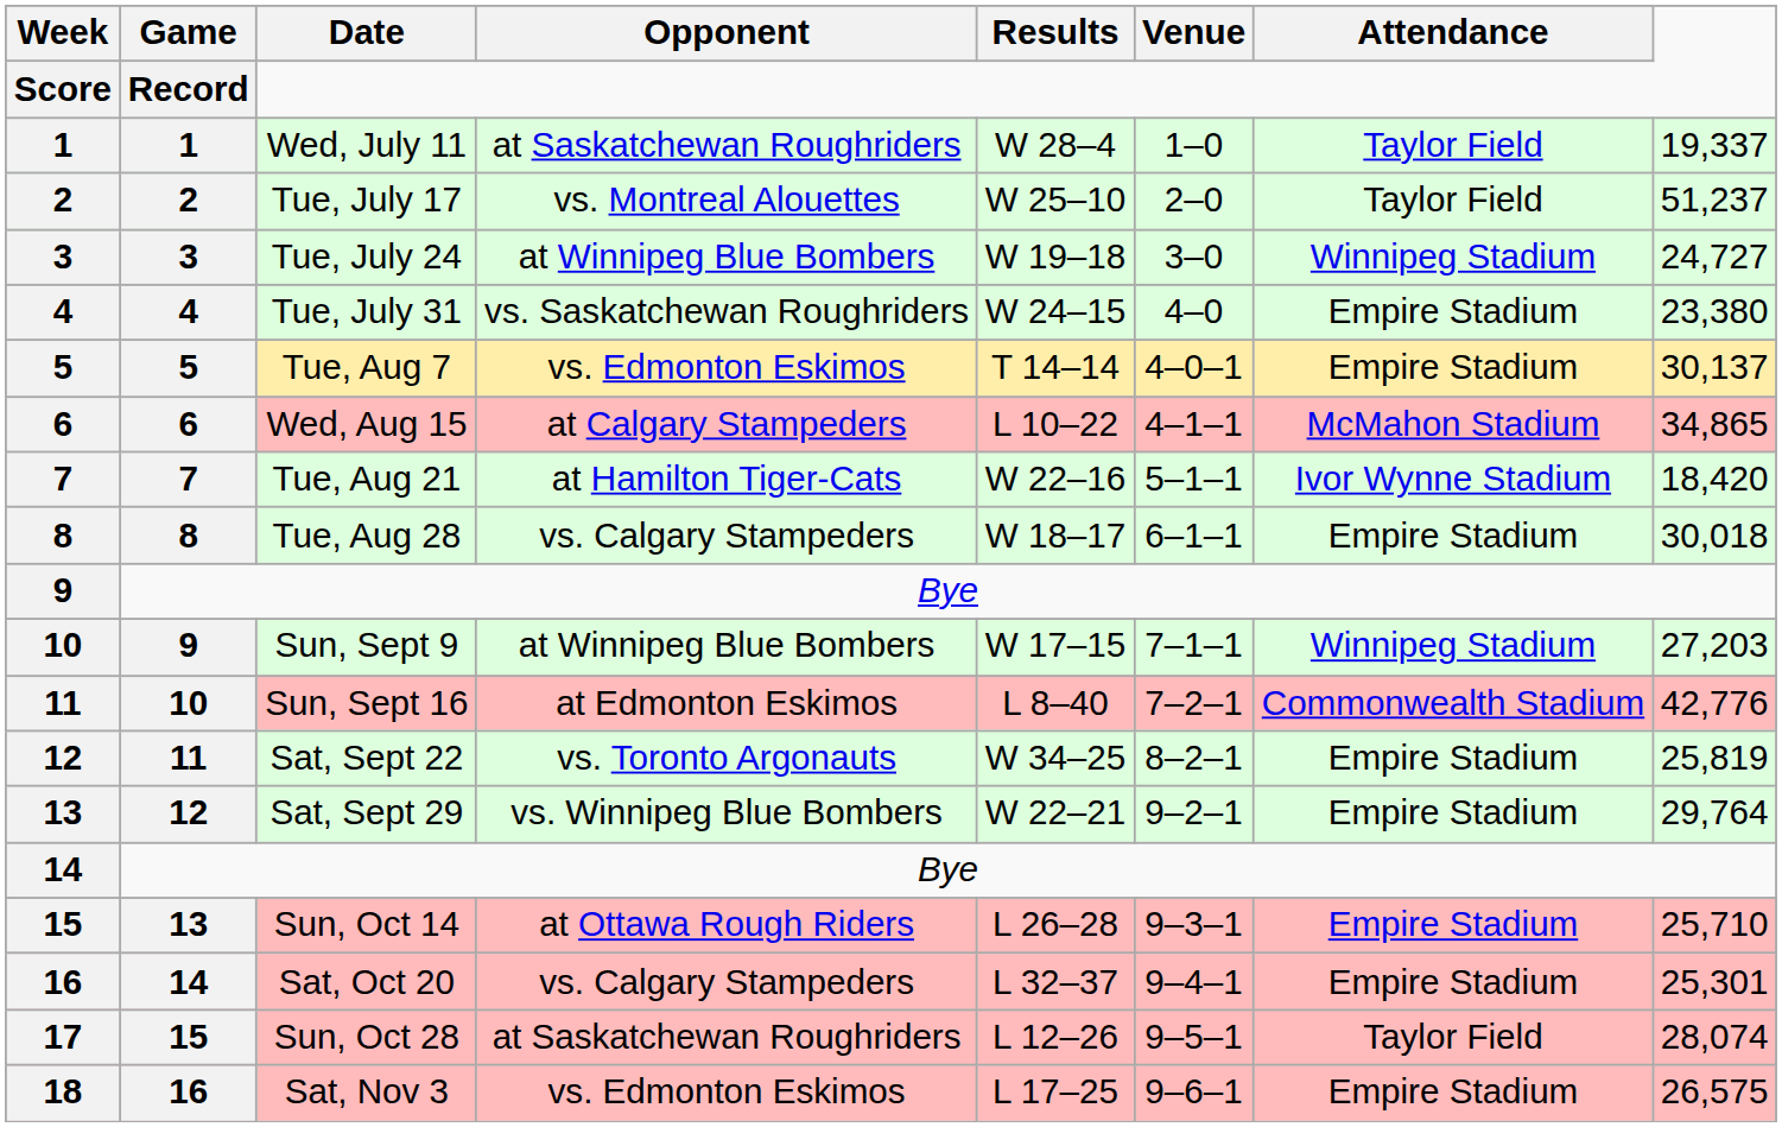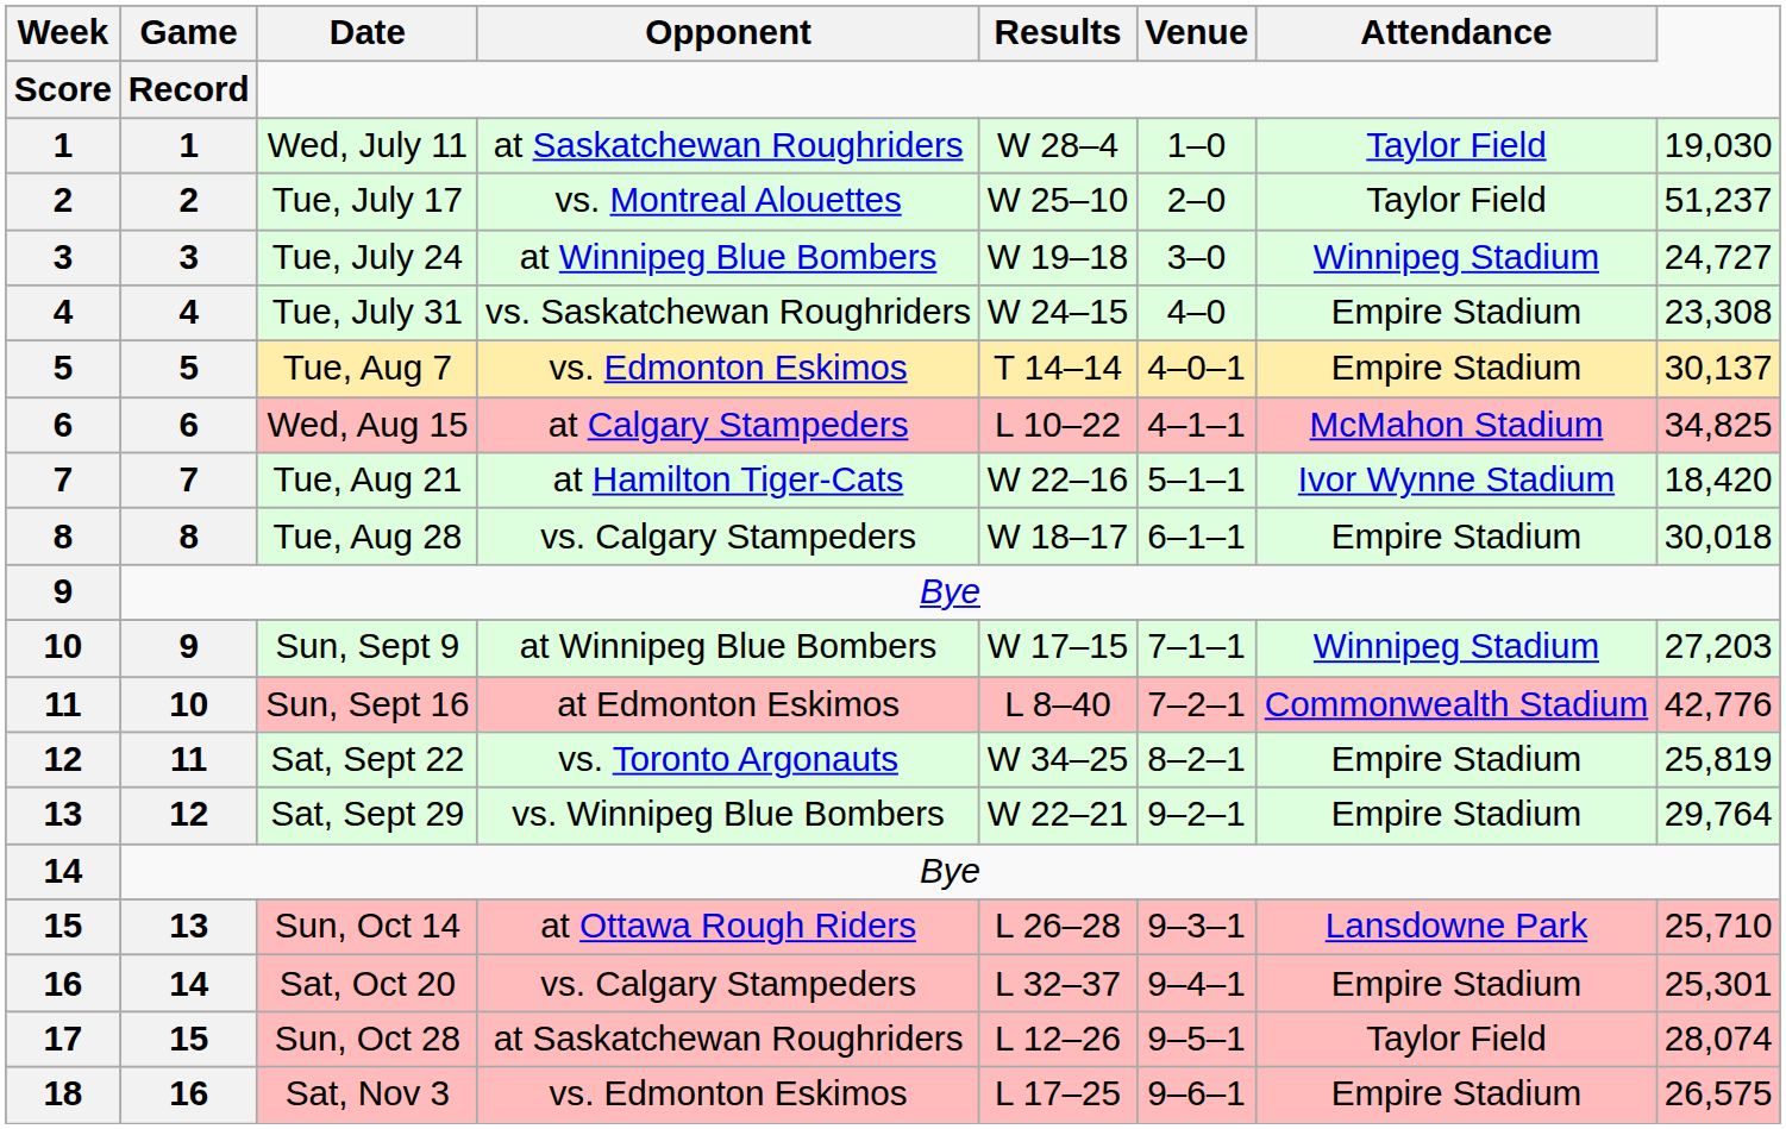 <table class="wikitable" style="text-align:center">
 <tr>
 <th>Week</th>
 <th>Game</th>
 <th>Date</th>
 <th>Opponent</th>
 <th>Results</th>
 <th>Venue</th>
 <th>Attendance</th>
 </tr>
 <tr>
 <th>Score</th>
 <th>Record</th>
 </tr>
 <tr style="background:#ddffdd">
 <th>1</th>
 <th>1</th>
 <td>Wed, July 11</td>
 <td>at <a href='#'>Saskatchewan Roughriders</a></td>
 <td>W 28–4</td>
 <td>1–0</td>
 <td><a href='#'>Taylor Field</a></td>
-<td>19,337</td>
+<td>19,030</td>
 </tr>
 <tr style="background:#ddffdd">
 <th>2</th>
 <th>2</th>
 <td>Tue, July 17</td>
 <td>vs. <a href='#'>Montreal Alouettes</a></td>
 <td>W 25–10</td>
 <td>2–0</td>
 <td>Taylor Field</td>
 <td>51,237</td>
 </tr>
 <tr style="background:#ddffdd">
 <th>3</th>
 <th>3</th>
 <td>Tue, July 24</td>
 <td>at <a href='#'>Winnipeg Blue Bombers</a></td>
 <td>W 19–18</td>
 <td>3–0</td>
 <td><a href='#'>Winnipeg Stadium</a></td>
 <td>24,727</td>
 </tr>
 <tr style="background:#ddffdd">
 <th>4</th>
 <th>4</th>
 <td>Tue, July 31</td>
 <td>vs. Saskatchewan Roughriders</td>
 <td>W 24–15</td>
 <td>4–0</td>
 <td>Empire Stadium</td>
-<td>23,380</td>
+<td>23,308</td>
 </tr>
 <tr style="background:#ffeeaa">
 <th>5</th>
 <th>5</th>
 <td>Tue, Aug 7</td>
 <td>vs. <a href='#'>Edmonton Eskimos</a></td>
 <td>T 14–14</td>
 <td>4–0–1</td>
 <td>Empire Stadium</td>
 <td>30,137</td>
 </tr>
 <tr style="background:#ffbbbb">
 <th>6</th>
 <th>6</th>
 <td>Wed, Aug 15</td>
 <td>at <a href='#'>Calgary Stampeders</a></td>
 <td>L 10–22</td>
 <td>4–1–1</td>
 <td><a href='#'>McMahon Stadium</a></td>
-<td>34,865</td>
+<td>34,825</td>
 </tr>
 <tr style="background:#ddffdd">
 <th>7</th>
 <th>7</th>
 <td>Tue, Aug 21</td>
 <td>at <a href='#'>Hamilton Tiger-Cats</a></td>
 <td>W 22–16</td>
 <td>5–1–1</td>
 <td><a href='#'>Ivor Wynne Stadium</a></td>
 <td>18,420</td>
 </tr>
 <tr style="background:#ddffdd">
 <th>8</th>
 <th>8</th>
 <td>Tue, Aug 28</td>
 <td>vs. Calgary Stampeders</td>
 <td>W 18–17</td>
 <td>6–1–1</td>
 <td>Empire Stadium</td>
 <td>30,018</td>
 </tr>
 <tr>
 <th>9</th>
 <td colspan=7><em><a href='#'>Bye</a></em></td>
 </tr>
 <tr style="background:#ddffdd">
 <th>10</th>
 <th>9</th>
 <td>Sun, Sept 9</td>
 <td>at Winnipeg Blue Bombers</td>
 <td>W 17–15</td>
 <td>7–1–1</td>
 <td><a href='#'>Winnipeg Stadium</a></td>
 <td>27,203</td>
 </tr>
 <tr style="background:#ffbbbb">
 <th>11</th>
 <th>10</th>
 <td>Sun, Sept 16</td>
 <td>at Edmonton Eskimos</td>
 <td>L 8–40</td>
 <td>7–2–1</td>
 <td><a href='#'>Commonwealth Stadium</a></td>
 <td>42,776</td>
 </tr>
 <tr style="background:#ddffdd">
 <th>12</th>
 <th>11</th>
 <td>Sat, Sept 22</td>
 <td>vs. <a href='#'>Toronto Argonauts</a></td>
 <td>W 34–25</td>
 <td>8–2–1</td>
 <td>Empire Stadium</td>
 <td>25,819</td>
 </tr>
 <tr style="background:#ddffdd">
 <th>13</th>
 <th>12</th>
 <td>Sat, Sept 29</td>
 <td>vs. Winnipeg Blue Bombers</td>
 <td>W 22–21</td>
 <td>9–2–1</td>
 <td>Empire Stadium</td>
 <td>29,764</td>
 </tr>
 <tr>
 <th>14</th>
 <td colspan=7><em>Bye</em></td>
 </tr>
 <tr style="background:#ffbbbb">
 <th>15</th>
 <th>13</th>
 <td>Sun, Oct 14</td>
 <td>at <a href='#'>Ottawa Rough Riders</a></td>
 <td>L 26–28</td>
 <td>9–3–1</td>
-<td><a href='#'>Empire Stadium</a></td>
+<td><a href='#'>Lansdowne Park</a></td>
 <td>25,710</td>
 </tr>
 <tr style="background:#ffbbbb">
 <th>16</th>
 <th>14</th>
 <td>Sat, Oct 20</td>
 <td>vs. Calgary Stampeders</td>
 <td>L 32–37</td>
 <td>9–4–1</td>
 <td>Empire Stadium</td>
 <td>25,301</td>
 </tr>
 <tr style="background:#ffbbbb">
 <th>17</th>
 <th>15</th>
 <td>Sun, Oct 28</td>
 <td>at Saskatchewan Roughriders</td>
 <td>L 12–26</td>
 <td>9–5–1</td>
 <td>Taylor Field</td>
 <td>28,074</td>
 </tr>
 <tr style="background:#ffbbbb">
 <th>18</th>
 <th>16</th>
 <td>Sat, Nov 3</td>
 <td>vs. Edmonton Eskimos</td>
 <td>L 17–25</td>
 <td>9–6–1</td>
 <td>Empire Stadium</td>
 <td>26,575</td>
 </tr>
 </table>
